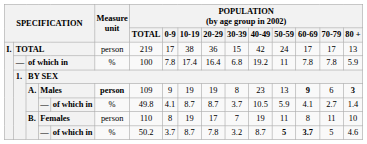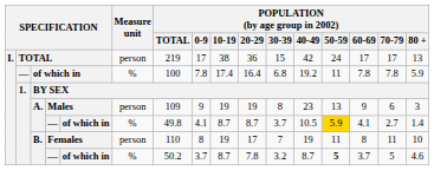 <table class="wikitable" style="font-size:85%; text-align:center">
 <tr>
 <th rowspan="2" colspan="5">SPECIFICATION</th>
 <th rowspan="2">Measure<br> unit</th>
 <th colspan="10" rowspan="1">POPULATION<br> (by age group in 2002)</th>
 </tr>
 <tr>
 <th>TOTAL</th>
 <th>0-9</th>
 <th>10-19</th>
 <th>20-29</th>
 <th>30-39</th>
 <th>40-49</th>
 <th>50-59</th>
 <th>60-69</th>
 <th>70-79</th>
 <th>80 +</th>
 </tr>
 <tr>
 <th style="text-align:left" valign="top" rowspan="7">I.</th>
 <th style="text-align:left" colspan="4">TOTAL</th>
 <td>person</td>
 <td>219</td>
 <td>17</td>
 <td>38</td>
 <td>36</td>
 <td>15</td>
 <td>42</td>
 <td>24</td>
 <td>17</td>
 <td>17</td>
 <td>13</td>
 </tr>
 <tr>
 <th style="text-align:left" valign="top">—</th>
 <th style="text-align:left" colspan="3">of which in</th>
 <td>%</td>
 <td>100</td>
 <td>7.8</td>
 <td>17.4</td>
 <td>16.4</td>
 <td>6.8</td>
 <td>19.2</td>
 <td>11</td>
 <td>7.8</td>
 <td>7.8</td>
 <td>5.9</td>
 </tr>
 <tr>
 <th style="text-align:left" valign="top" rowspan="5">1.</th>
 <th style="text-align:left" colspan="14">BY SEX</th>
 </tr>
 <tr>
 <th style="text-align:left" valign="top" rowspan="2">A.</th>
 <th style="text-align:left" colspan="2">Males</th>
-<td><strong>person</strong></td>
+<td>person</td>
 <td>109</td>
 <td>9</td>
 <td>19</td>
 <td>19</td>
 <td>8</td>
 <td>23</td>
 <td>13</td>
-<td><strong>9</strong></td>
+<td>9</td>
 <td>6</td>
-<td><strong>3</strong></td>
+<td>3</td>
 </tr>
 <tr>
 <th style="text-align:left" valign="top">—</th>
 <th style="text-align:left" colspan="1">of which in</th>
 <td>%</td>
 <td>49.8</td>
 <td>4.1</td>
 <td>8.7</td>
 <td>8.7</td>
 <td>3.7</td>
 <td>10.5</td>
-<td>5.9</td>
+<td style="background: gold;">5.9</td>
 <td>4.1</td>
 <td>2.7</td>
 <td>1.4</td>
 </tr>
 <tr>
 <th style="text-align:left" valign="top" rowspan="2">B.</th>
 <th style="text-align:left" colspan="2">Females</th>
 <td>person</td>
 <td>110</td>
 <td>8</td>
 <td>19</td>
 <td>17</td>
 <td>7</td>
 <td>19</td>
 <td>11</td>
 <td>8</td>
 <td>11</td>
 <td>10</td>
 </tr>
 <tr>
 <th style="text-align:left" valign="top">—</th>
 <th style="text-align:left" colspan="1">of which in</th>
 <td>%</td>
 <td>50.2</td>
 <td>3.7</td>
 <td>8.7</td>
 <td>7.8</td>
 <td>3.2</td>
 <td>8.7</td>
 <td><strong>5</strong></td>
-<td><strong>3.7</strong></td>
+<td>3.7</td>
 <td>5</td>
 <td>4.6</td>
 </tr>
 </table>
